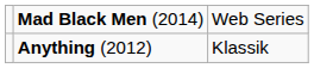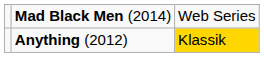 <table class="creditList creditByType wikitable">
 <tr>
 <td></td>
 <td><strong>Mad Black Men</strong> (2014)</td>
 <td>Web Series</td>
 </tr>
 <tr>
 <td></td>
 <td><strong>Anything</strong> (2012)</td>
-<td>Klassik</td>
+<td style="background: gold;">Klassik</td>
 </tr>
 </table>
